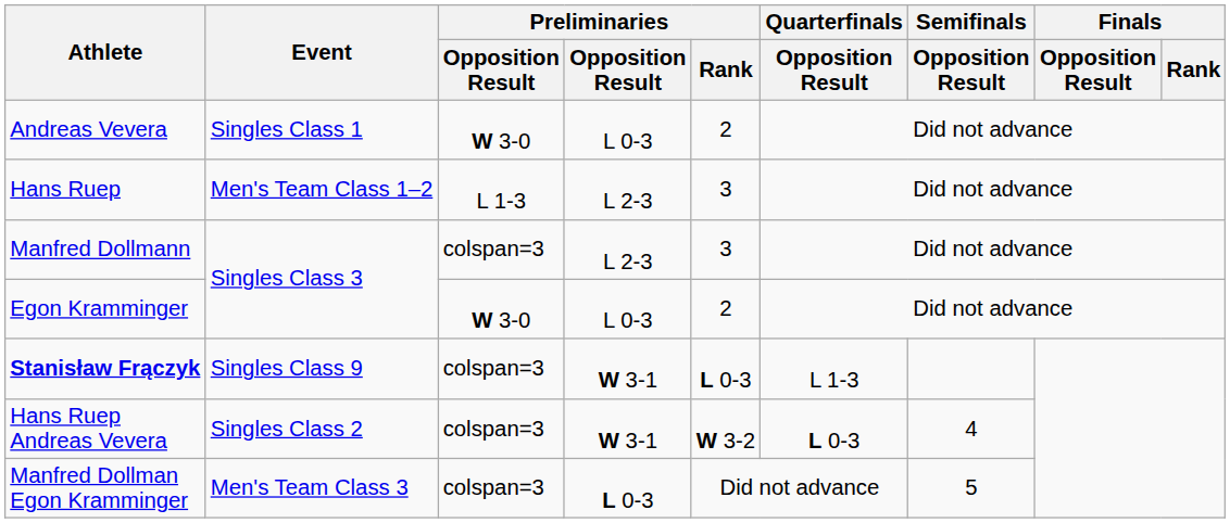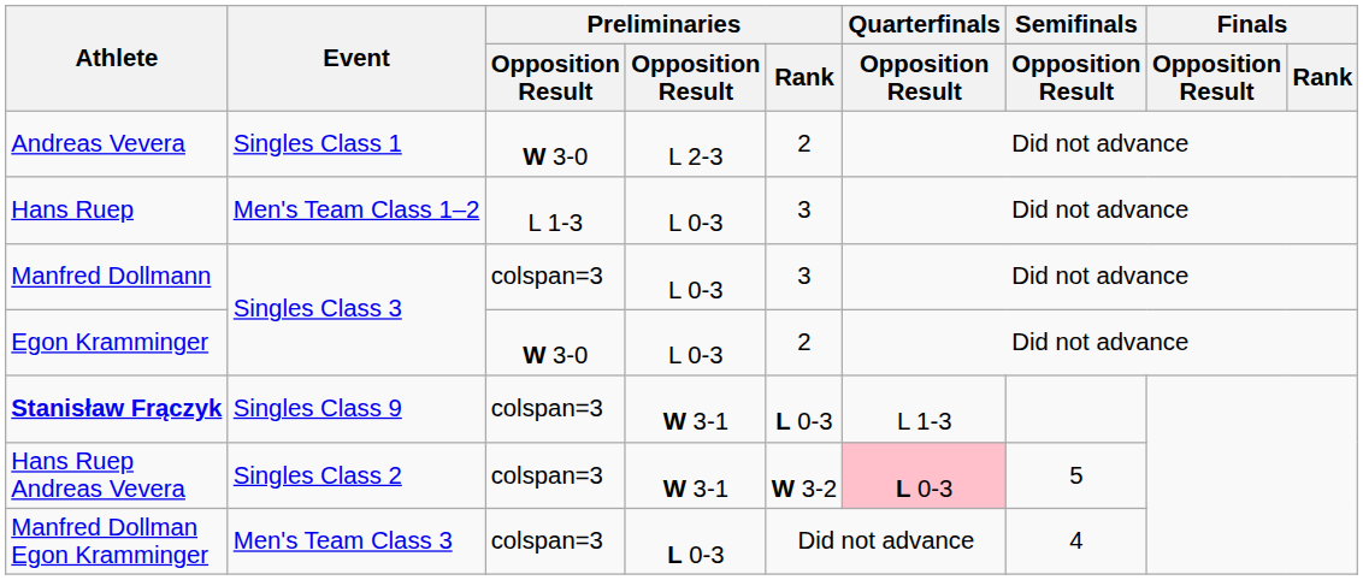 <table class=wikitable>
 <tr>
 <th rowspan="2">Athlete</th>
 <th rowspan="2">Event</th>
 <th colspan="3">Preliminaries</th>
 <th>Quarterfinals</th>
 <th>Semifinals</th>
 <th colspan="2">Finals</th>
 </tr>
 <tr>
 <th>Opposition<br>Result</th>
 <th>Opposition<br>Result</th>
 <th>Rank</th>
 <th>Opposition<br>Result</th>
 <th>Opposition<br>Result</th>
 <th>Opposition<br>Result</th>
 <th>Rank</th>
 </tr>
 <tr>
 <td><a href='#'>Andreas Vevera</a></td>
 <td><a href='#'>Singles Class 1</a></td>
 <td align=center> <br> <strong>W</strong> 3-0</td>
-<td align=center> <br> L 0-3</td>
+<td align=center> <br> L 2-3</td>
 <td align=center>2</td>
 <td colspan=4 align=center>Did not advance</td>
 </tr>
 <tr>
 <td><a href='#'>Hans Ruep</a></td>
 <td align=center><a href='#'>Men's Team Class 1–2</a></td>
 <td align=center> <br> L 1-3</td>
-<td align=center> <br> L 2-3</td>
+<td align=center> <br> L 0-3</td>
 <td align=center>3</td>
 <td colspan=4 align=center>Did not advance</td>
 </tr>
 <tr>
 <td><a href='#'>Manfred Dollmann</a></td>
 <td rowspan=2><a href='#'>Singles Class 3</a></td>
 <td>colspan=3 </td>
-<td align=center> <br> L 2-3</td>
+<td align=center> <br> L 0-3</td>
 <td align=center>3</td>
 <td align=center colspan=4>Did not advance</td>
 </tr>
 <tr>
 <td><a href='#'>Egon Kramminger</a></td>
 <td align=center> <br> <strong>W</strong> 3-0</td>
 <td align=center> <br> L 0-3</td>
 <td align=center>2</td>
 <td align=center colspan=4>Did not advance</td>
 </tr>
 <tr>
 <td><strong><a href='#'>Stanisław Frączyk</a></strong></td>
 <td><a href='#'>Singles Class 9</a></td>
 <td>colspan=3 </td>
 <td align=center> <br> <strong>W</strong> 3-1</td>
 <td align=center><br> <strong>L</strong> 0-3</td>
 <td align=center> <br> L 1-3</td>
 <td align=center></td>
 </tr>
 <tr>
 <td><a href='#'>Hans Ruep</a> <br> <a href='#'>Andreas Vevera</a></td>
 <td><a href='#'>Singles Class 2</a></td>
 <td>colspan=3 </td>
 <td align=center><br> <strong>W</strong> 3-1</td>
 <td align=center> <br> <strong>W</strong> 3-2</td>
-<td align=center><br> <strong>L</strong> 0-3</td>
-<td align=center>4</td>
+<td align=center style="background: pink;"><br> <strong>L</strong> 0-3</td>
+<td align=center>5</td>
 </tr>
 <tr>
 <td><a href='#'>Manfred Dollman</a> <br> <a href='#'>Egon Kramminger</a></td>
 <td><a href='#'>Men's Team Class 3</a></td>
 <td>colspan=3 </td>
 <td align=center><br> <strong>L</strong> 0-3</td>
 <td colspan=2 align=center>Did not advance</td>
-<td align=center>5</td>
+<td align=center>4</td>
 </tr>
 </table>
